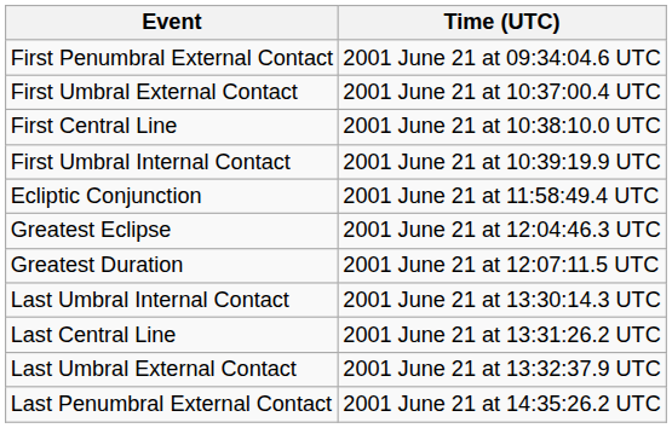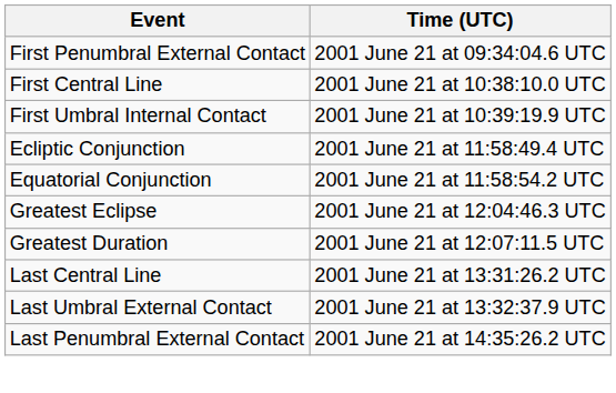 <table class="wikitable">
 <tr>
 <th>Event</th>
 <th>Time (UTC)</th>
 </tr>
 <tr>
 <td>First Penumbral External Contact</td>
 <td>2001 June 21 at 09:34:04.6 UTC</td>
-</tr>
-<tr>
-<td>First Umbral External Contact</td>
-<td>2001 June 21 at 10:37:00.4 UTC</td>
 </tr>
 <tr>
 <td>First Central Line</td>
 <td>2001 June 21 at 10:38:10.0 UTC</td>
 </tr>
 <tr>
 <td>First Umbral Internal Contact</td>
 <td>2001 June 21 at 10:39:19.9 UTC</td>
 </tr>
 <tr>
 <td>Ecliptic Conjunction</td>
 <td>2001 June 21 at 11:58:49.4 UTC</td>
 </tr>
 <tr>
+<td>Equatorial Conjunction</td>
+<td>2001 June 21 at 11:58:54.2 UTC</td>
+</tr>
+<tr>
 <td>Greatest Eclipse</td>
 <td>2001 June 21 at 12:04:46.3 UTC</td>
 </tr>
 <tr>
 <td>Greatest Duration</td>
 <td>2001 June 21 at 12:07:11.5 UTC</td>
-</tr>
-<tr>
-<td>Last Umbral Internal Contact</td>
-<td>2001 June 21 at 13:30:14.3 UTC</td>
 </tr>
 <tr>
 <td>Last Central Line</td>
 <td>2001 June 21 at 13:31:26.2 UTC</td>
 </tr>
 <tr>
 <td>Last Umbral External Contact</td>
 <td>2001 June 21 at 13:32:37.9 UTC</td>
 </tr>
 <tr>
 <td>Last Penumbral External Contact</td>
 <td>2001 June 21 at 14:35:26.2 UTC</td>
 </tr>
 </table>
